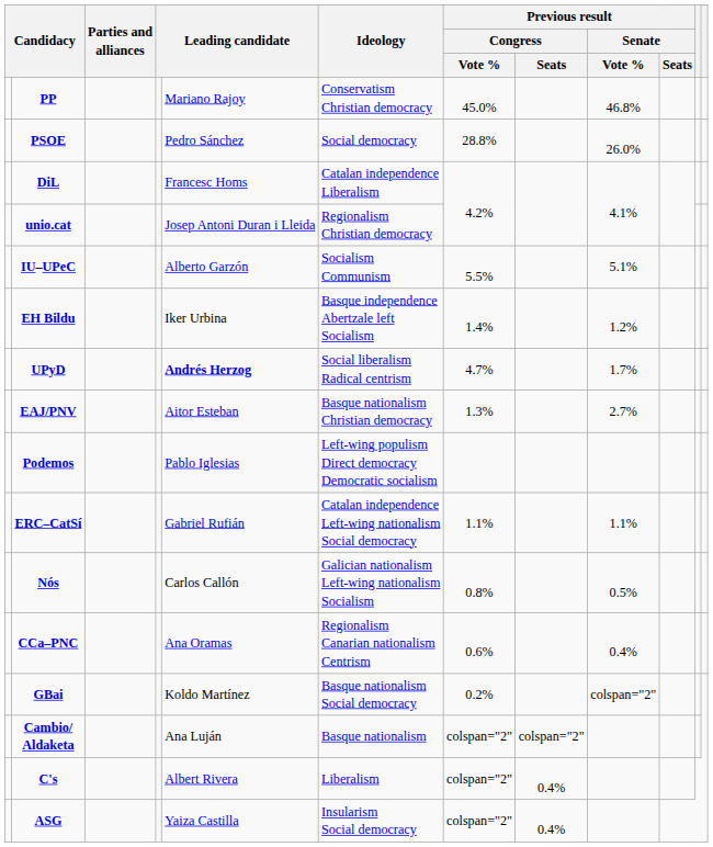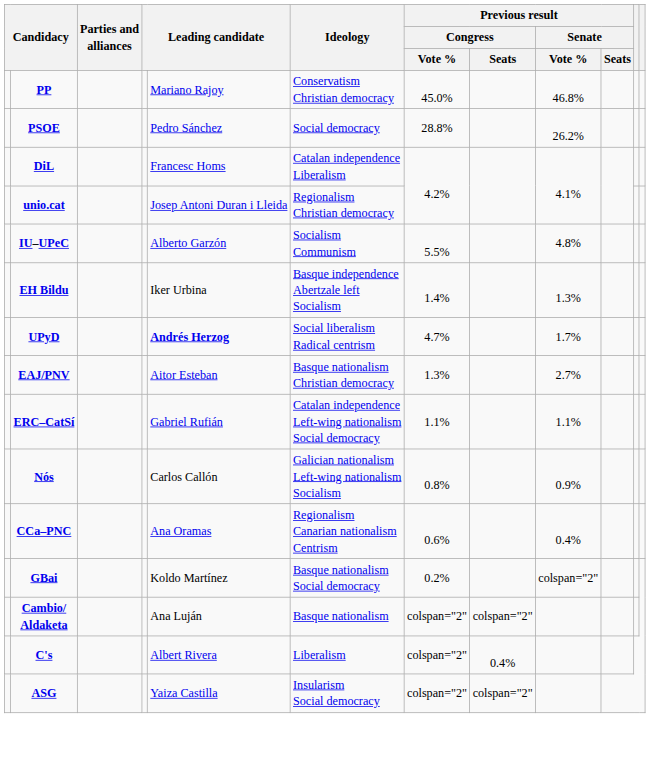 <table class="wikitable" style="line-height:1.35em; text-align:left;">
 <tr>
 <th colspan="2" rowspan="3">Candidacy</th>
 <th rowspan="3">Parties and<br>alliances</th>
 <th colspan="2" rowspan="3">Leading candidate</th>
 <th rowspan="3">Ideology</th>
 <th colspan="4">Previous result</th>
 <th rowspan="3"></th>
 <th rowspan="3"></th>
 </tr>
 <tr>
 <th colspan="2">Congress</th>
 <th colspan="2">Senate</th>
 </tr>
 <tr>
 <th>Vote %</th>
 <th>Seats</th>
 <th>Vote %</th>
 <th>Seats</th>
 </tr>
 <tr>
 <td width="1" style="color:inherit;background:"></td>
 <td align="center"><strong><a href='#'>PP</a></strong></td>
 <td></td>
 <td></td>
 <td><a href='#'>Mariano Rajoy</a></td>
 <td><a href='#'>Conservatism</a><br><a href='#'>Christian democracy</a></td>
 <td align="center"><br>45.0%<br></td>
 <td></td>
 <td align="center"><br>46.8%<br></td>
 <td></td>
 <td></td>
 <td></td>
 </tr>
 <tr>
 <td style="color:inherit;background:"></td>
 <td align="center"><strong><a href='#'>PSOE</a></strong></td>
 <td></td>
 <td></td>
 <td><a href='#'>Pedro Sánchez</a></td>
 <td><a href='#'>Social democracy</a></td>
 <td align="center">28.8%</td>
 <td></td>
-<td align="center"><br>26.0%<br></td>
+<td align="center"><br>26.2%<br></td>
 <td></td>
 <td></td>
 <td></td>
 </tr>
 <tr>
 <td style="color:inherit;background:"></td>
 <td align="center"><strong><a href='#'>DiL</a></strong></td>
 <td></td>
 <td></td>
 <td><a href='#'>Francesc Homs</a></td>
 <td><a href='#'>Catalan independence</a><br><a href='#'>Liberalism</a></td>
 <td rowspan="2" align="center"><br>4.2%<br></td>
 <td rowspan="2"></td>
 <td rowspan="2" align="center"><br>4.1%<br></td>
 <td rowspan="2"></td>
 <td></td>
 <td></td>
 </tr>
 <tr>
 <td style="color:inherit;background:"></td>
 <td align="center"><strong><a href='#'>unio.cat</a></strong></td>
 <td></td>
 <td></td>
 <td><a href='#'>Josep Antoni Duran i Lleida</a></td>
 <td><a href='#'>Regionalism</a><br><a href='#'>Christian democracy</a></td>
 <td></td>
 <td></td>
 </tr>
 <tr>
 <td style="color:inherit;background:"></td>
 <td align="center"><strong><a href='#'>IU</a>–<a href='#'>UPeC</a></strong></td>
 <td></td>
 <td></td>
 <td><a href='#'>Alberto Garzón</a></td>
 <td><a href='#'>Socialism</a><br><a href='#'>Communism</a></td>
 <td align="center"><br>5.5%<br></td>
 <td></td>
-<td align="center">5.1%</td>
+<td align="center">4.8%</td>
 <td></td>
 <td></td>
 <td><br><br></td>
 </tr>
 <tr>
 <td style="color:inherit;background:"></td>
 <td align="center"><strong><a href='#'>EH Bildu</a></strong></td>
 <td></td>
 <td></td>
 <td>Iker Urbina</td>
 <td><a href='#'>Basque independence</a><br><a href='#'>Abertzale left</a><br><a href='#'>Socialism</a></td>
 <td align="center"><br>1.4%<br></td>
 <td></td>
-<td align="center"><br>1.2%<br></td>
+<td align="center"><br>1.3%<br></td>
 <td></td>
 <td></td>
 <td></td>
 </tr>
 <tr>
 <td style="color:inherit;background:"></td>
 <td align="center"><strong><a href='#'>UPyD</a></strong></td>
 <td></td>
 <td></td>
 <td><strong><a href='#'>Andrés Herzog</a></strong></td>
 <td><a href='#'>Social liberalism</a><br><a href='#'>Radical centrism</a></td>
 <td align="center">4.7%</td>
 <td></td>
 <td align="center">1.7%</td>
 <td></td>
 <td></td>
 <td></td>
 </tr>
 <tr>
 <td style="color:inherit;background:"></td>
 <td align="center"><strong><a href='#'>EAJ/PNV</a></strong></td>
 <td></td>
 <td></td>
 <td><a href='#'>Aitor Esteban</a></td>
 <td><a href='#'>Basque nationalism</a><br><a href='#'>Christian democracy</a></td>
 <td align="center">1.3%</td>
 <td></td>
 <td align="center">2.7%</td>
 <td></td>
 <td></td>
 <td></td>
 </tr>
 <tr>
 <td style="color:inherit;background:"></td>
-<td align="center"><strong><a href='#'>Podemos</a></strong></td>
-<td></td>
-<td></td>
-<td><a href='#'>Pablo Iglesias</a></td>
-<td><a href='#'>Left-wing populism</a><br><a href='#'>Direct democracy</a><br><a href='#'>Democratic socialism</a></td>
-<td align="center"></td>
-<td></td>
-<td align="center"></td>
-<td></td>
-<td></td>
-<td></td>
-</tr>
-<tr>
-<td style="color:inherit;background:"></td>
 <td align="center"><strong><a href='#'>ERC–CatSí</a></strong></td>
 <td></td>
 <td></td>
 <td><a href='#'>Gabriel Rufián</a></td>
 <td><a href='#'>Catalan independence</a><br><a href='#'>Left-wing nationalism</a><br><a href='#'>Social democracy</a></td>
 <td align="center">1.1%</td>
 <td></td>
 <td align="center">1.1%</td>
 <td></td>
 <td></td>
 <td></td>
 </tr>
 <tr>
 <td style="color:inherit;background:"></td>
 <td align="center"><strong><a href='#'>Nós</a></strong></td>
 <td></td>
 <td></td>
 <td>Carlos Callón</td>
 <td><a href='#'>Galician nationalism</a><br><a href='#'>Left-wing nationalism</a><br><a href='#'>Socialism</a></td>
 <td align="center"><br>0.8%<br></td>
 <td></td>
-<td align="center"><br>0.5%<br></td>
+<td align="center"><br>0.9%<br></td>
 <td></td>
 <td></td>
 <td><br></td>
 </tr>
 <tr>
 <td style="color:inherit;background:"></td>
 <td align="center"><strong><a href='#'>CCa–PNC</a></strong></td>
 <td></td>
 <td></td>
 <td><a href='#'>Ana Oramas</a></td>
 <td><a href='#'>Regionalism</a><br><a href='#'>Canarian nationalism</a><br><a href='#'>Centrism</a></td>
 <td align="center"><br>0.6%<br></td>
 <td></td>
 <td align="center"><br>0.4%<br></td>
 <td></td>
 <td></td>
 <td></td>
 </tr>
 <tr>
 <td style="color:inherit;background:"></td>
 <td align="center"><strong><a href='#'>GBai</a></strong></td>
 <td></td>
 <td></td>
 <td>Koldo Martínez</td>
 <td><a href='#'>Basque nationalism</a><br><a href='#'>Social democracy</a></td>
 <td align="center">0.2%</td>
 <td></td>
 <td>colspan="2" </td>
 <td></td>
 <td></td>
 </tr>
 <tr>
 <td style="color:inherit;background:"></td>
 <td align="center"><strong><a href='#'>Cambio/<br>Aldaketa</a></strong></td>
 <td></td>
 <td></td>
 <td>Ana Luján</td>
 <td><a href='#'>Basque nationalism</a></td>
 <td>colspan="2" </td>
 <td>colspan="2" </td>
 <td></td>
 <td></td>
 <td><br></td>
 </tr>
 <tr>
 <td style="color:inherit;background:"></td>
 <td align="center"><strong><a href='#'>C's</a></strong></td>
 <td></td>
 <td></td>
 <td><a href='#'>Albert Rivera</a></td>
 <td><a href='#'>Liberalism</a></td>
 <td>colspan="2" </td>
 <td align="center"><br>0.4%<br></td>
 <td></td>
 <td></td>
 </tr>
 <tr>
 <td style="color:inherit;background:"></td>
 <td align="center"><strong><a href='#'>ASG</a></strong></td>
 <td></td>
 <td></td>
 <td><a href='#'>Yaiza Castilla</a></td>
 <td><a href='#'>Insularism</a><br><a href='#'>Social democracy</a></td>
 <td>colspan="2" </td>
-<td align="center"><br>0.4%<br></td>
+<td>colspan="2" </td>
 <td></td>
 </tr>
 </table>
